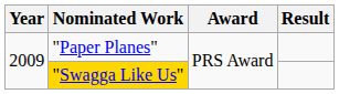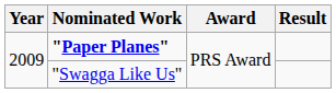 <table class="wikitable">
 <tr>
 <th>Year</th>
 <th>Nominated Work</th>
 <th>Award</th>
 <th>Result</th>
 </tr>
 <tr>
 <td rowspan="2">2009</td>
-<td>"<a href='#'>Paper Planes</a>"</td>
+<td><strong>"<a href='#'>Paper Planes</a>"</strong></td>
 <td rowspan="2">PRS Award</td>
 <td></td>
 </tr>
 <tr>
-<td style="background: gold;">"<a href='#'>Swagga Like Us</a>"</td>
+<td>"<a href='#'>Swagga Like Us</a>"</td>
 <td></td>
 </tr>
 </table>
